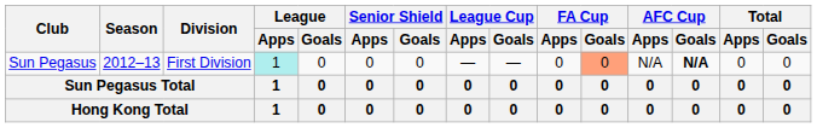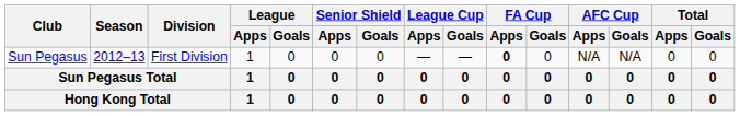 <table class="wikitable" style="text-align: center;">
 <tr>
 <th rowspan="2">Club</th>
 <th rowspan="2">Season</th>
 <th rowspan="2">Division</th>
 <th colspan="2">League</th>
 <th colspan="2"><a href='#'>Senior Shield</a></th>
 <th colspan="2"><a href='#'>League Cup</a></th>
 <th colspan="2"><a href='#'>FA Cup</a></th>
 <th colspan="2"><a href='#'>AFC Cup</a></th>
 <th colspan="2">Total</th>
 </tr>
 <tr>
 <th>Apps</th>
 <th>Goals</th>
 <th>Apps</th>
 <th>Goals</th>
 <th>Apps</th>
 <th>Goals</th>
 <th>Apps</th>
 <th>Goals</th>
 <th>Apps</th>
 <th>Goals</th>
 <th>Apps</th>
 <th>Goals</th>
 </tr>
 <tr>
 <td rowspan="1" align="center"><a href='#'>Sun Pegasus</a></td>
 <td><a href='#'>2012–13</a></td>
 <td><a href='#'>First Division</a></td>
-<td style="background: paleturquoise;">1</td>
+<td>1</td>
 <td>0</td>
 <td>0</td>
 <td>0</td>
 <td>—</td>
 <td>—</td>
+<td><strong>0</strong></td>
 <td>0</td>
-<td style="background: lightsalmon;">0</td>
 <td>N/A</td>
-<td><strong>N/A</strong></td>
+<td>N/A</td>
 <td>0</td>
 <td>0</td>
 </tr>
 <tr>
 <th colspan="3">Sun Pegasus Total</th>
 <th>1</th>
 <th>0</th>
 <th>0</th>
 <th>0</th>
 <th>0</th>
 <th>0</th>
 <th>0</th>
 <th>0</th>
 <th>0</th>
 <th>0</th>
 <th>0</th>
 <th>0</th>
 </tr>
 <tr>
 <th colspan="3">Hong Kong Total</th>
 <th>1</th>
 <th>0</th>
 <th>0</th>
 <th>0</th>
 <th>0</th>
 <th>0</th>
 <th>0</th>
 <th>0</th>
 <th>0</th>
 <th>0</th>
 <th>0</th>
 <th>0</th>
 </tr>
 </table>
